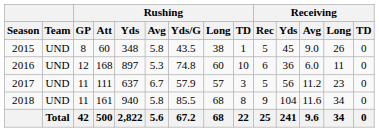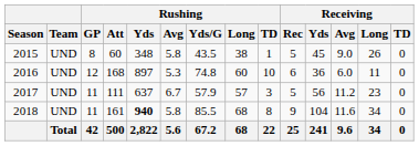 <table class="wikitable">
 <tr>
 <th colspan="2"> </th>
 <th colspan="7" style="text-align:center;">Rushing</th>
 <th colspan="5" style="text-align:center;">Receiving</th>
 </tr>
 <tr>
 <th>Season</th>
 <th>Team</th>
 <th>GP</th>
 <th>Att</th>
 <th>Yds</th>
 <th>Avg</th>
 <th>Yds/G</th>
 <th>Long</th>
 <th>TD</th>
 <th>Rec</th>
 <th>Yds</th>
 <th>Avg</th>
 <th>Long</th>
 <th>TD</th>
 </tr>
 <tr style="text-align:center;">
 <td>2015</td>
 <td>UND</td>
 <td>8</td>
 <td>60</td>
 <td>348</td>
 <td>5.8</td>
 <td>43.5</td>
 <td>38</td>
 <td>1</td>
 <td>5</td>
 <td>45</td>
 <td>9.0</td>
 <td>26</td>
 <td>0</td>
 </tr>
 <tr style="text-align:center;">
 <td>2016</td>
 <td>UND</td>
 <td>12</td>
 <td>168</td>
 <td>897</td>
 <td>5.3</td>
 <td>74.8</td>
 <td>60</td>
 <td>10</td>
 <td>6</td>
 <td>36</td>
 <td>6.0</td>
 <td>11</td>
 <td>0</td>
 </tr>
 <tr style="text-align:center;">
 <td>2017</td>
 <td>UND</td>
 <td>11</td>
 <td>111</td>
 <td>637</td>
 <td>6.7</td>
 <td>57.9</td>
 <td>57</td>
 <td>3</td>
 <td>5</td>
 <td>56</td>
 <td>11.2</td>
 <td>23</td>
 <td>0</td>
 </tr>
 <tr style="text-align:center;">
 <td>2018</td>
 <td>UND</td>
 <td>11</td>
 <td>161</td>
-<td>940</td>
+<td><strong>940</strong></td>
 <td>5.8</td>
 <td>85.5</td>
 <td>68</td>
 <td>8</td>
 <td>9</td>
 <td>104</td>
 <td>11.6</td>
 <td>34</td>
 <td>0</td>
 </tr>
 <tr style="text-align:center;">
 <th></th>
 <th>Total</th>
 <th>42</th>
 <th>500</th>
 <th>2,822</th>
 <th>5.6</th>
 <th>67.2</th>
 <th>68</th>
 <th>22</th>
 <th>25</th>
 <th>241</th>
 <th>9.6</th>
 <th>34</th>
 <th>0</th>
 </tr>
 </table>
